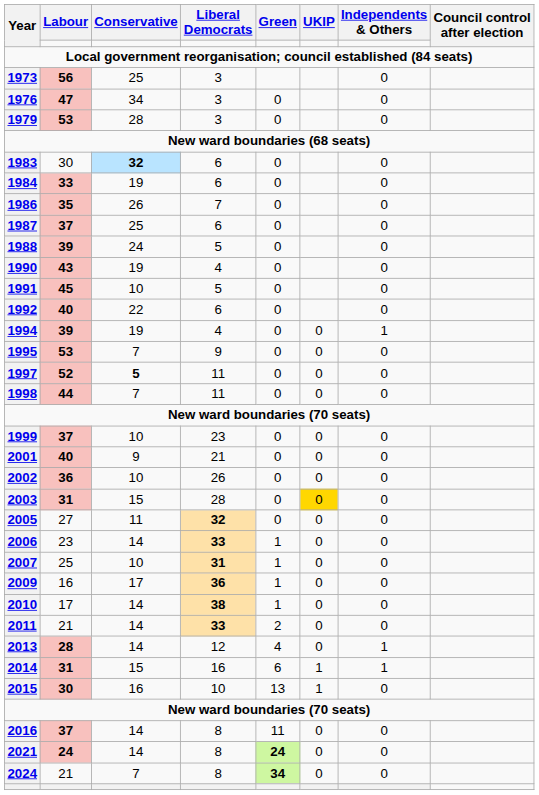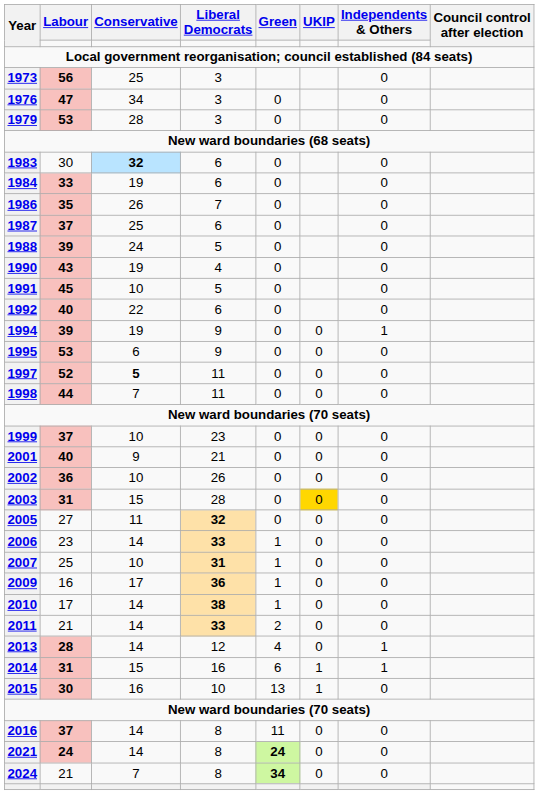 <table class="wikitable plainrowheaders" style="text-align:center">
 <tr>
 <th scope="col" rowspan="2">Year</th>
 <th scope="col"><a href='#'>Labour</a></th>
 <th scope="col"><a href='#'>Conservative</a></th>
 <th scope="col" style="width:1px"><a href='#'>Liberal Democrats</a></th>
 <th scope="col"><a href='#'>Green</a></th>
 <th scope="col"><a href='#'>UKIP</a></th>
 <th scope="col"><a href='#'>Independents</a><br>& Others</th>
 <th scope="col" rowspan="2" colspan="2">Council control<br>after election</th>
 </tr>
 <tr>
 <td style="background:"></td>
 <td style="background:"></td>
 <td style="background:"></td>
 <td style="background:"></td>
 <td style="background:"></td>
 <td style="background:"></td>
 </tr>
 <tr>
 <td colspan="9"><strong>Local government reorganisation; council established (84 seats)</strong></td>
 </tr>
 <tr>
 <th scope="row"><a href='#'>1973</a></th>
 <td style="background:#F8C1BE;"><strong>56</strong></td>
 <td>25</td>
 <td>3</td>
 <td></td>
 <td></td>
 <td>0</td>
 <td></td>
 </tr>
 <tr>
 <th scope="row"><a href='#'>1976</a></th>
 <td style="background:#F8C1BE;"><strong>47</strong></td>
 <td>34</td>
 <td>3</td>
 <td>0</td>
 <td></td>
 <td>0</td>
 <td></td>
 </tr>
 <tr>
 <th scope="row"><a href='#'>1979</a></th>
 <td style="background:#F8C1BE;"><strong>53</strong></td>
 <td>28</td>
 <td>3</td>
 <td>0</td>
 <td></td>
 <td>0</td>
 <td></td>
 </tr>
 <tr>
 <td colspan="9"><strong>New ward boundaries (68 seats)</strong></td>
 </tr>
 <tr>
 <th scope="row"><a href='#'>1983</a></th>
 <td>30</td>
 <td style="background:#B9E4FF;"><strong>32</strong></td>
 <td>6</td>
 <td>0</td>
 <td></td>
 <td>0</td>
 <td></td>
 </tr>
 <tr>
 <th scope="row"><a href='#'>1984</a></th>
 <td style="background:#F8C1BE;"><strong>33</strong></td>
 <td>19</td>
 <td>6</td>
 <td>0</td>
 <td></td>
 <td>0</td>
 <td></td>
 </tr>
 <tr>
 <th scope="row"><a href='#'>1986</a></th>
 <td style="background:#F8C1BE;"><strong>35</strong></td>
 <td>26</td>
 <td>7</td>
 <td>0</td>
 <td></td>
 <td>0</td>
 <td></td>
 </tr>
 <tr>
 <th scope="row"><a href='#'>1987</a></th>
 <td style="background:#F8C1BE;"><strong>37</strong></td>
 <td>25</td>
 <td>6</td>
 <td>0</td>
 <td></td>
 <td>0</td>
 <td></td>
 </tr>
 <tr>
 <th scope="row"><a href='#'>1988</a></th>
 <td style="background:#F8C1BE;"><strong>39</strong></td>
 <td>24</td>
 <td>5</td>
 <td>0</td>
 <td></td>
 <td>0</td>
 <td></td>
 </tr>
 <tr>
 <th scope="row"><a href='#'>1990</a></th>
 <td style="background:#F8C1BE;"><strong>43</strong></td>
 <td>19</td>
 <td>4</td>
 <td>0</td>
 <td></td>
 <td>0</td>
 <td></td>
 </tr>
 <tr>
 <th scope="row"><a href='#'>1991</a></th>
 <td style="background:#F8C1BE;"><strong>45</strong></td>
 <td>10</td>
 <td>5</td>
 <td>0</td>
 <td></td>
 <td>0</td>
 <td></td>
 </tr>
 <tr>
 <th scope="row"><a href='#'>1992</a></th>
 <td style="background:#F8C1BE;"><strong>40</strong></td>
 <td>22</td>
 <td>6</td>
 <td>0</td>
 <td></td>
 <td>0</td>
 <td></td>
 </tr>
 <tr>
 <th scope="row"><a href='#'>1994</a></th>
 <td style="background:#F8C1BE;"><strong>39</strong></td>
 <td>19</td>
-<td>4</td>
+<td>9</td>
 <td>0</td>
 <td>0</td>
 <td>1</td>
 <td></td>
 </tr>
 <tr>
 <th scope="row"><a href='#'>1995</a></th>
 <td style="background:#F8C1BE;"><strong>53</strong></td>
-<td>7</td>
+<td>6</td>
 <td>9</td>
 <td>0</td>
 <td>0</td>
 <td>0</td>
 <td></td>
 </tr>
 <tr>
 <th scope="row"><a href='#'>1997</a></th>
 <td style="background:#F8C1BE;"><strong>52</strong></td>
 <td><strong>5</strong></td>
 <td>11</td>
 <td>0</td>
 <td>0</td>
 <td>0</td>
 <td></td>
 </tr>
 <tr>
 <th scope="row"><a href='#'>1998</a></th>
 <td style="background:#F8C1BE;"><strong>44</strong></td>
 <td>7</td>
 <td>11</td>
 <td>0</td>
 <td>0</td>
 <td>0</td>
 <td></td>
 </tr>
 <tr>
 <td colspan="9"><strong>New ward boundaries (70 seats)</strong></td>
 </tr>
 <tr>
 <th scope="row"><a href='#'>1999</a></th>
 <td style="background:#F8C1BE;"><strong>37</strong></td>
 <td>10</td>
 <td>23</td>
 <td>0</td>
 <td>0</td>
 <td>0</td>
 <td></td>
 </tr>
 <tr>
 <th scope="row"><a href='#'>2001</a></th>
 <td style="background:#F8C1BE;"><strong>40</strong></td>
 <td>9</td>
 <td>21</td>
 <td>0</td>
 <td>0</td>
 <td>0</td>
 <td></td>
 </tr>
 <tr>
 <th scope="row"><a href='#'>2002</a></th>
 <td style="background:#F8C1BE;"><strong>36</strong></td>
 <td>10</td>
 <td>26</td>
 <td>0</td>
 <td>0</td>
 <td>0</td>
 <td></td>
 </tr>
 <tr>
 <th scope="row"><a href='#'>2003</a></th>
 <td style="background:#F8C1BE;"><strong>31</strong></td>
 <td>15</td>
 <td>28</td>
 <td>0</td>
 <td style="background: gold;">0</td>
 <td>0</td>
 <td></td>
 </tr>
 <tr>
 <th scope="row"><a href='#'>2005</a></th>
 <td>27</td>
 <td>11</td>
 <td style="background:#FEE1A8"><strong>32</strong></td>
 <td>0</td>
 <td>0</td>
 <td>0</td>
 <td></td>
 </tr>
 <tr>
 <th scope="row"><a href='#'>2006</a></th>
 <td>23</td>
 <td>14</td>
 <td style="background:#FEE1A8"><strong>33</strong></td>
 <td>1</td>
 <td>0</td>
 <td>0</td>
 <td></td>
 </tr>
 <tr>
 <th scope="row"><a href='#'>2007</a></th>
 <td>25</td>
 <td>10</td>
 <td style="background:#FEE1A8"><strong>31</strong></td>
 <td>1</td>
 <td>0</td>
 <td>0</td>
 <td></td>
 </tr>
 <tr>
 <th scope="row"><a href='#'>2009</a></th>
 <td>16</td>
 <td>17</td>
 <td style="background:#FEE1A8"><strong>36</strong></td>
 <td>1</td>
 <td>0</td>
 <td>0</td>
 <td></td>
 </tr>
 <tr>
 <th scope="row"><a href='#'>2010</a></th>
 <td>17</td>
 <td>14</td>
 <td style="background:#FEE1A8"><strong>38</strong></td>
 <td>1</td>
 <td>0</td>
 <td>0</td>
 <td></td>
 </tr>
 <tr>
 <th scope="row"><a href='#'>2011</a></th>
 <td>21</td>
 <td>14</td>
 <td style="background:#FEE1A8"><strong>33</strong></td>
 <td>2</td>
 <td>0</td>
 <td>0</td>
 <td></td>
 </tr>
 <tr>
 <th scope="row"><a href='#'>2013</a></th>
 <td style="background:#F8C1BE;"><strong>28</strong></td>
 <td>14</td>
 <td>12</td>
 <td>4</td>
 <td>0</td>
 <td>1</td>
 <td></td>
 </tr>
 <tr>
 <th scope="row"><a href='#'>2014</a></th>
 <td style="background:#F8C1BE;"><strong>31</strong></td>
 <td>15</td>
 <td>16</td>
 <td>6</td>
 <td>1</td>
 <td>1</td>
 <td></td>
 </tr>
 <tr>
 <th scope="row"><a href='#'>2015</a></th>
 <td style="background:#F8C1BE;"><strong>30</strong></td>
 <td>16</td>
 <td>10</td>
 <td>13</td>
 <td>1</td>
 <td>0</td>
 <td></td>
 </tr>
 <tr>
 <td colspan="9"><strong>New ward boundaries (70 seats)</strong></td>
 </tr>
 <tr>
 <th scope="row"><a href='#'>2016</a></th>
 <td style="background:#F8C1BE;"><strong>37</strong></td>
 <td>14</td>
 <td>8</td>
 <td>11</td>
 <td>0</td>
 <td>0</td>
 <td></td>
 </tr>
 <tr>
 <th scope="row"><a href='#'>2021</a></th>
 <td style="background:#F8C1BE;"><strong>24</strong></td>
 <td>14</td>
 <td>8</td>
 <td style="background:#CEF7A1"><strong>24</strong></td>
 <td>0</td>
 <td>0</td>
 <td></td>
 </tr>
 <tr>
 <th scope="row"><a href='#'>2024</a></th>
 <td>21</td>
 <td>7</td>
 <td>8</td>
 <td style="background:#CEF7A1"><strong>34</strong></td>
 <td>0</td>
 <td>0</td>
 <td></td>
 </tr>
 <tr>
 <th></th>
 <th style="background-color: "></th>
 <th style="background-color: "></th>
 <th style="background-color: "></th>
 <th style="background-color: "></th>
 <th style="background-color: "></th>
 <th style="background-color: "></th>
 </tr>
 </table>
